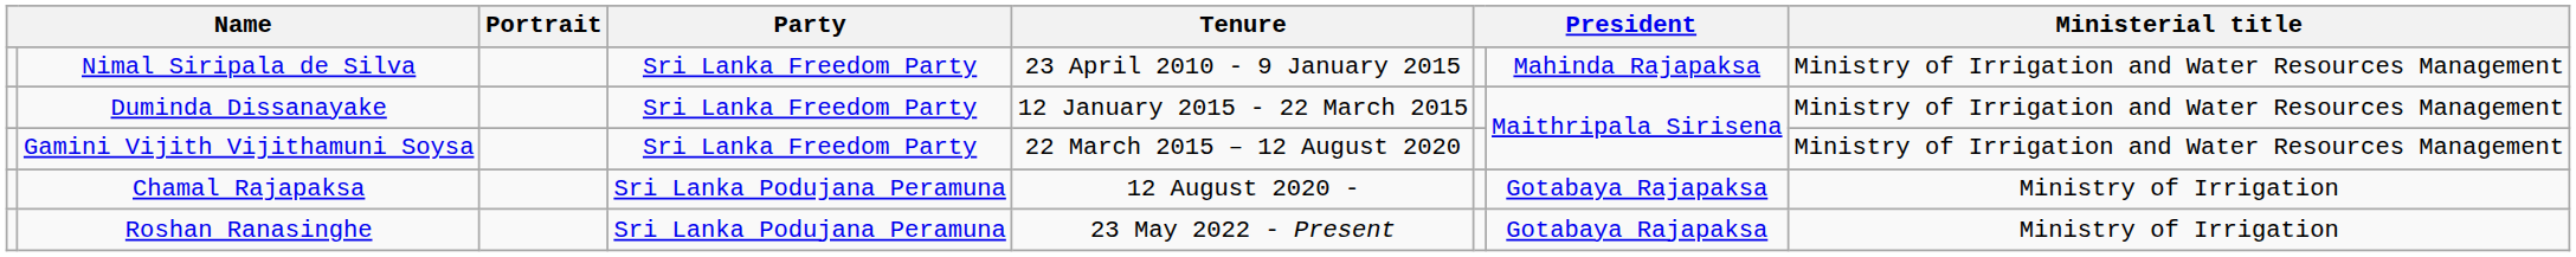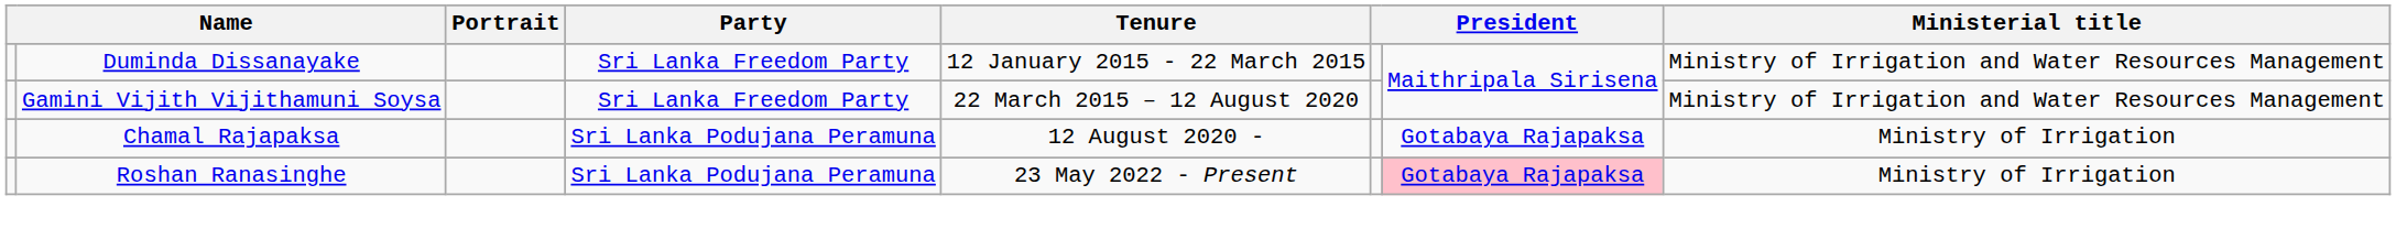 <table class="wikitable" style="margin:1em auto; font-size:90%; text-align:center;">
 <tr>
 <th colspan="2">Name</th>
 <th>Portrait</th>
 <th>Party</th>
 <th>Tenure</th>
 <th colspan="2"><a href='#'>President</a></th>
 <th>Ministerial title</th>
-</tr>
-<tr>
-<td !align="center" style="background:"></td>
-<td><a href='#'>Nimal Siripala de Silva</a></td>
-<td></td>
-<td><a href='#'>Sri Lanka Freedom Party</a></td>
-<td>23 April 2010 - 9 January 2015</td>
-<td !align="center" style="background:"></td>
-<td><a href='#'>Mahinda Rajapaksa</a></td>
-<td>Ministry of Irrigation and Water Resources Management</td>
 </tr>
 <tr>
 <td !align="center" style="background:"></td>
 <td><a href='#'>Duminda Dissanayake</a></td>
 <td></td>
 <td><a href='#'>Sri Lanka Freedom Party</a></td>
 <td>12 January 2015 - 22 March 2015</td>
 <td !align="center" style="background:"></td>
 <td rowspan=2><a href='#'>Maithripala Sirisena</a></td>
 <td>Ministry of Irrigation and Water Resources Management</td>
 </tr>
 <tr>
 <td !align="center" style="background:"></td>
 <td><a href='#'>Gamini Vijith Vijithamuni Soysa</a></td>
 <td></td>
 <td><a href='#'>Sri Lanka Freedom Party</a></td>
 <td>22 March 2015 – 12 August 2020</td>
 <td !align="center" style="background:"></td>
 <td>Ministry of Irrigation and Water Resources Management</td>
 </tr>
 <tr>
 <td !align="center" style="background:"></td>
 <td><a href='#'>Chamal Rajapaksa</a></td>
 <td></td>
 <td><a href='#'>Sri Lanka Podujana Peramuna</a></td>
 <td>12 August 2020 -</td>
 <td !align="center" style="background:"></td>
 <td><a href='#'>Gotabaya Rajapaksa</a></td>
 <td>Ministry of Irrigation</td>
 </tr>
 <tr>
 <td !align="center" style="background:"></td>
 <td><a href='#'>Roshan Ranasinghe</a></td>
 <td></td>
 <td><a href='#'>Sri Lanka Podujana Peramuna</a></td>
 <td>23 May 2022 - <em>Present</em></td>
 <td !align="center" style="background:"></td>
-<td><a href='#'>Gotabaya Rajapaksa</a></td>
+<td style="background: pink;"><a href='#'>Gotabaya Rajapaksa</a></td>
 <td>Ministry of Irrigation</td>
 </tr>
 </table>
